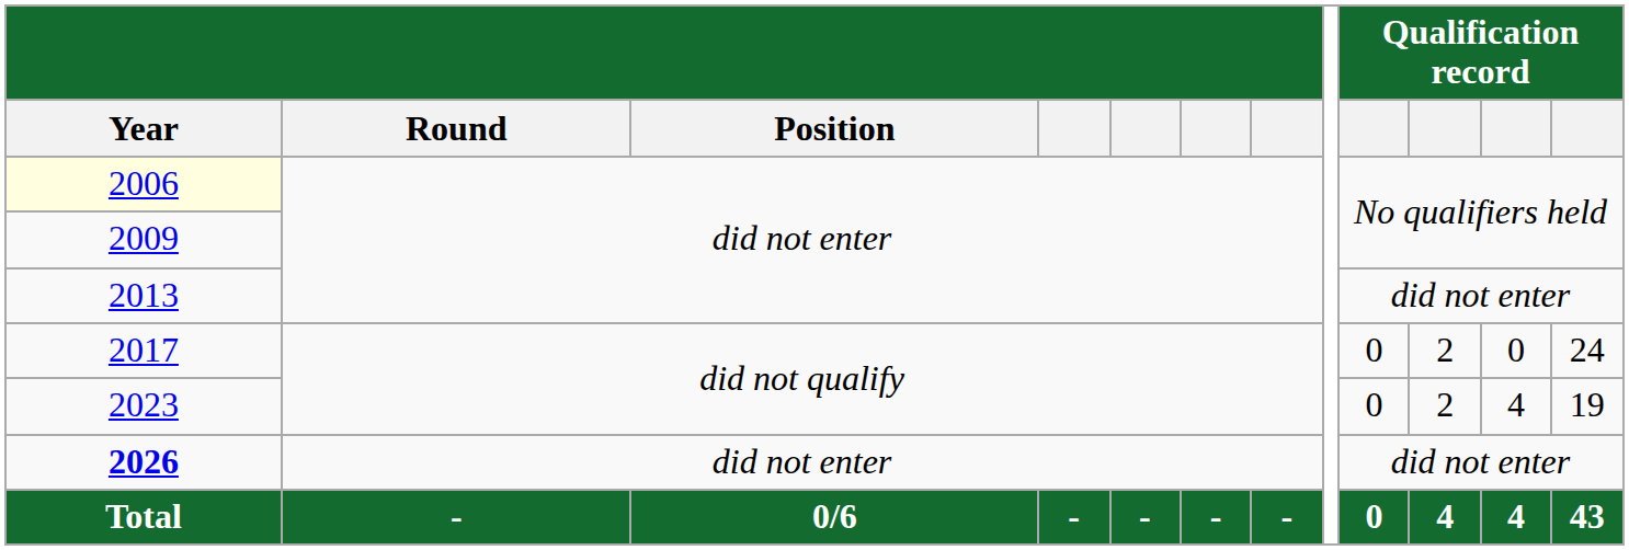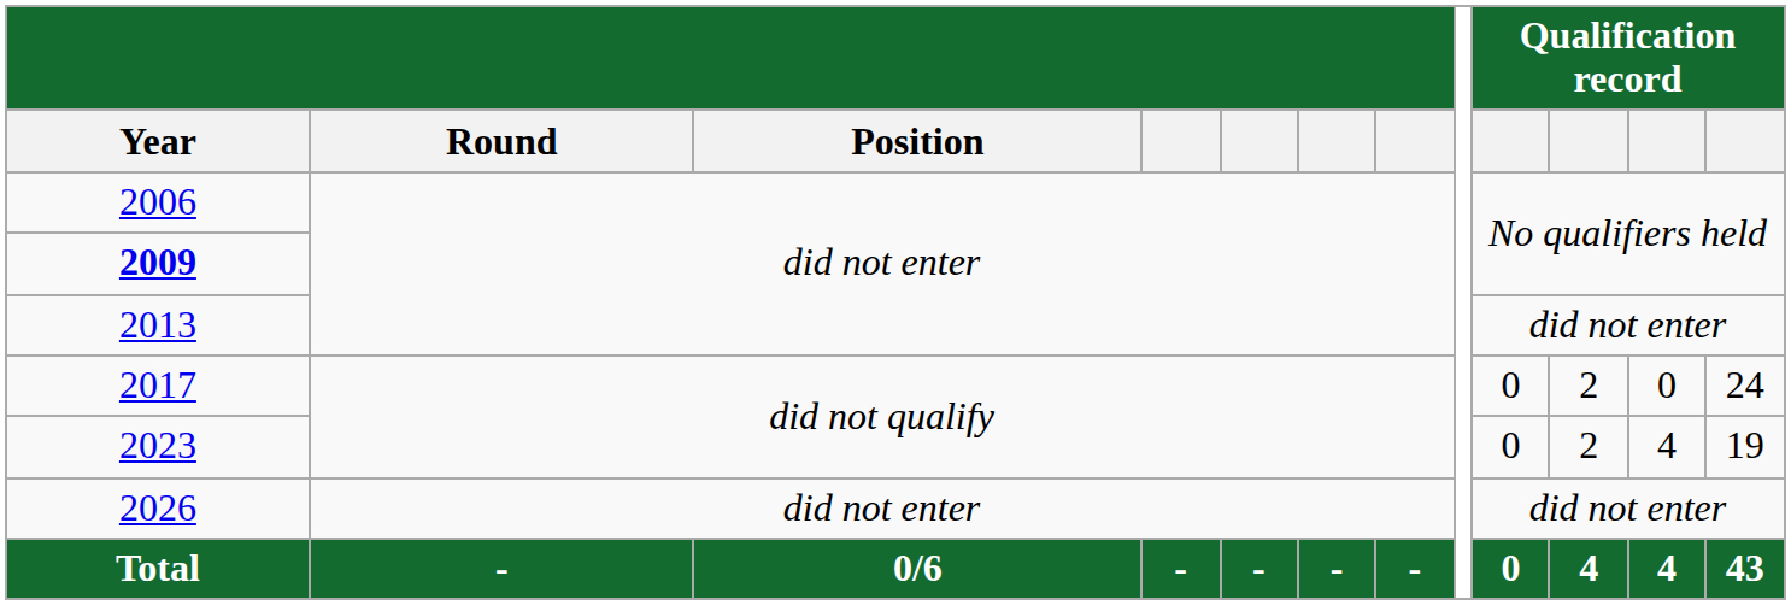 <table class="wikitable" style="text-align: center;">
 <tr>
 <th style="background:#146B2F;" colspan="7"><a href='#'></a></th>
 <th style="background:white; width:1%;" rowspan="9"></th>
 <th style="background:#146B2F; color:white;" colspan="5">Qualification record</th>
 </tr>
 <tr>
 <th>Year</th>
 <th>Round</th>
 <th>Position</th>
 <th width=25></th>
 <th width=25></th>
 <th width=25></th>
 <th width=25></th>
 <th width=25></th>
 <th width=25></th>
 <th width=25></th>
 <th width=25></th>
 </tr>
 <tr>
-<td style="background: lightyellow;"><a href='#'>2006</a></td>
+<td><a href='#'>2006</a></td>
 <td colspan=6 rowspan=3><em>did not enter</em></td>
 <td colspan=4 rowspan=2 align=center><em>No qualifiers held</em></td>
 </tr>
 <tr>
-<td><a href='#'>2009</a></td>
+<td><strong><a href='#'>2009</a></strong></td>
 </tr>
 <tr>
 <td><a href='#'>2013</a></td>
 <td colspan=4 align=center><em>did not enter</em></td>
 </tr>
 <tr>
 <td><a href='#'>2017</a></td>
 <td colspan=6 rowspan=2 align=center><em>did not qualify</em></td>
 <td>0</td>
 <td>2</td>
 <td>0</td>
 <td>24</td>
 </tr>
 <tr>
 <td><a href='#'>2023</a></td>
 <td>0</td>
 <td>2</td>
 <td>4</td>
 <td>19</td>
 </tr>
 <tr>
-<td><strong><a href='#'>2026</a></strong></td>
+<td><a href='#'>2026</a></td>
 <td colspan=6 align=center><em>did not enter</em></td>
 <td colspan=4 align=center><em>did not enter</em></td>
 </tr>
 <tr>
 <th style="color:white; background:#146B2F;"><strong>Total</strong></th>
 <th style="color:white; background:#146B2F;"><strong>-</strong></th>
 <th style="color:white; background:#146B2F;"><strong>0/6</strong></th>
 <th style="color:white; background:#146B2F;"><strong>-</strong></th>
 <th style="color:white; background:#146B2F;"><strong>-</strong></th>
 <th style="color:white; background:#146B2F;"><strong>-</strong></th>
 <th style="color:white; background:#146B2F;"><strong>-</strong></th>
 <th style="color:white; background:#146B2F;"><strong>0</strong></th>
 <th style="color:white; background:#146B2F;"><strong>4</strong></th>
 <th style="color:white; background:#146B2F;"><strong>4</strong></th>
 <th style="color:white; background:#146B2F;"><strong>43</strong></th>
 </tr>
 </table>
